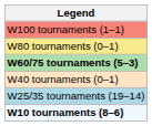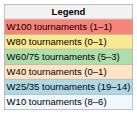 <table class=wikitable style="font-size:85%">
 <tr>
 <th>Legend</th>
 </tr>
 <tr style="background:#f88379;">
 <td>W100 tournaments (1–1)</td>
 </tr>
 <tr style="background:#f7e98e;">
 <td>W80 tournaments (0–1)</td>
 </tr>
 <tr style="background:#addfad">
-<td><strong>W60/75 tournaments (5–3)</strong></td>
+<td>W60/75 tournaments (5–3)</td>
 </tr>
 <tr style="background:#ffe4c4;">
 <td>W40 tournaments (0–1)</td>
 </tr>
 <tr style="background:lightblue;">
 <td>W25/35 tournaments (19–14)</td>
 </tr>
 <tr style="background:#f0f8ff;">
-<td><strong>W10 tournaments (8–6)</strong></td>
+<td>W10 tournaments (8–6)</td>
 </tr>
 </table>
